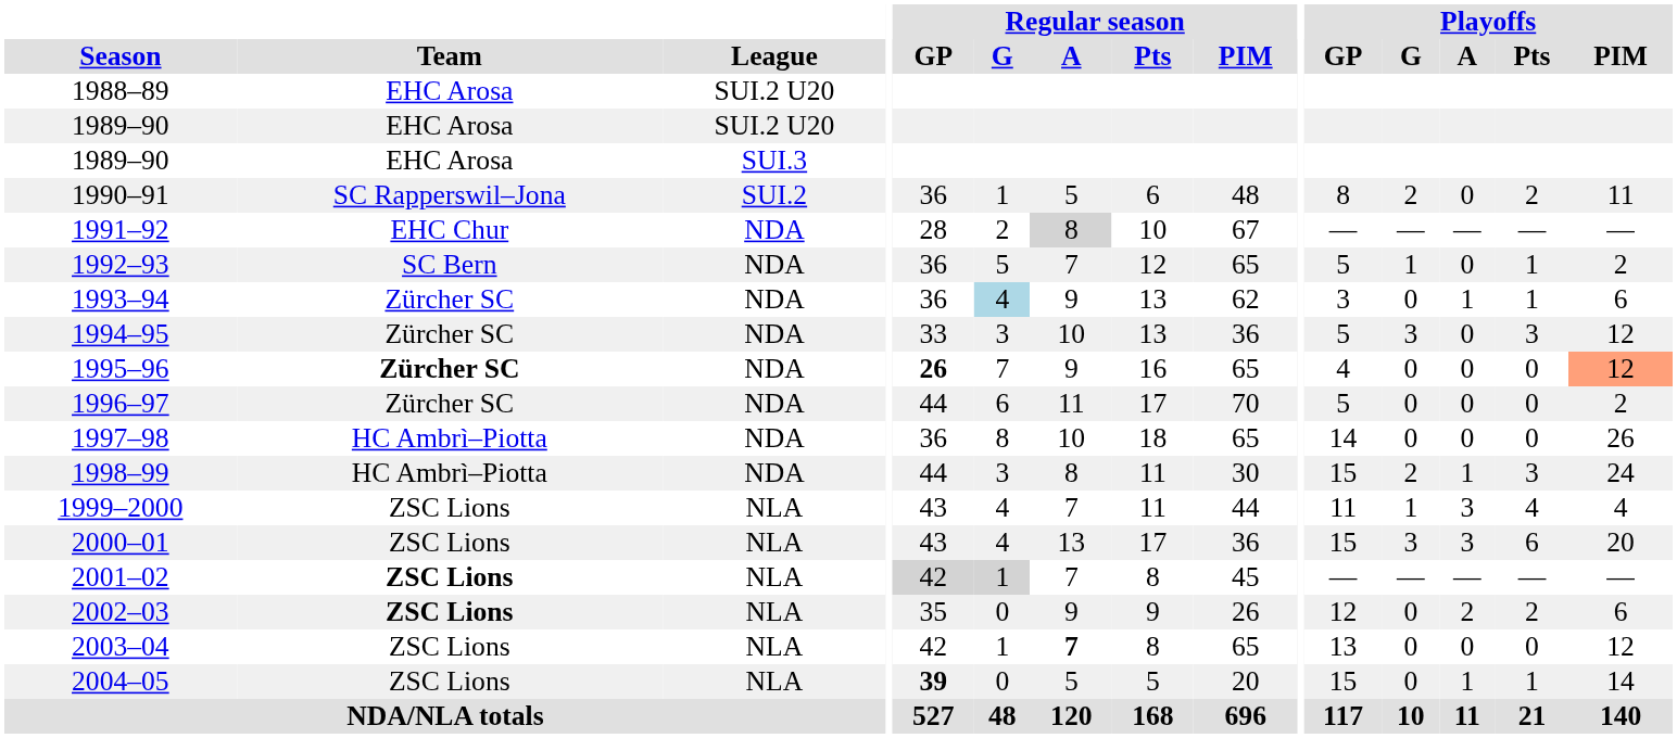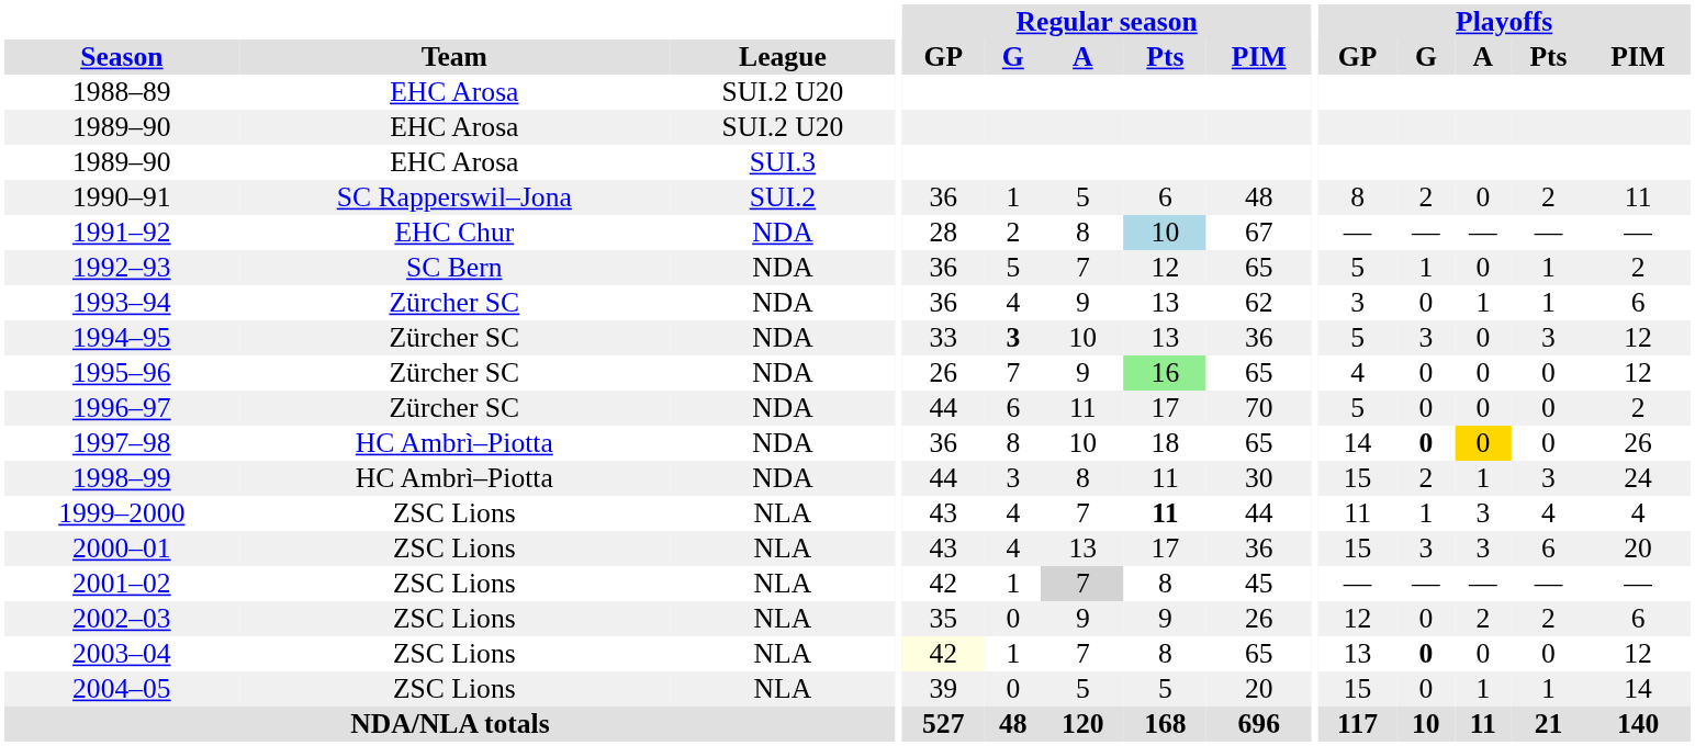 <table border="0" cellpadding="1" cellspacing="0" style="text-align:center; width:60em">
 <tr bgcolor="#e0e0e0">
 <th colspan="3" bgcolor="#ffffff"></th>
 <th rowspan="99" bgcolor="#ffffff"></th>
 <th colspan="5"><a href='#'>Regular season</a></th>
 <th rowspan="99" bgcolor="#ffffff"></th>
 <th colspan="5"><a href='#'>Playoffs</a></th>
 </tr>
 <tr bgcolor="#e0e0e0">
 <th><a href='#'>Season</a></th>
 <th>Team</th>
 <th>League</th>
 <th>GP</th>
 <th><a href='#'>G</a></th>
 <th><a href='#'>A</a></th>
 <th><a href='#'>Pts</a></th>
 <th><a href='#'>PIM</a></th>
 <th>GP</th>
 <th>G</th>
 <th>A</th>
 <th>Pts</th>
 <th>PIM</th>
 </tr>
 <tr>
 <td>1988–89</td>
 <td><a href='#'>EHC Arosa</a></td>
 <td>SUI.2 U20</td>
 <td></td>
 <td></td>
 <td></td>
 <td></td>
 <td></td>
 <td></td>
 <td></td>
 <td></td>
 <td></td>
 <td></td>
 </tr>
 <tr bgcolor="#f0f0f0">
 <td>1989–90</td>
 <td>EHC Arosa</td>
 <td>SUI.2 U20</td>
 <td></td>
 <td></td>
 <td></td>
 <td></td>
 <td></td>
 <td></td>
 <td></td>
 <td></td>
 <td></td>
 <td></td>
 </tr>
 <tr>
 <td>1989–90</td>
 <td>EHC Arosa</td>
 <td><a href='#'>SUI.3</a></td>
 <td></td>
 <td></td>
 <td></td>
 <td></td>
 <td></td>
 <td></td>
 <td></td>
 <td></td>
 <td></td>
 <td></td>
 </tr>
 <tr bgcolor="#f0f0f0">
 <td>1990–91</td>
 <td><a href='#'>SC Rapperswil–Jona</a></td>
 <td><a href='#'>SUI.2</a></td>
 <td>36</td>
 <td>1</td>
 <td>5</td>
 <td>6</td>
 <td>48</td>
 <td>8</td>
 <td>2</td>
 <td>0</td>
 <td>2</td>
 <td>11</td>
 </tr>
 <tr>
 <td><a href='#'>1991–92</a></td>
 <td><a href='#'>EHC Chur</a></td>
 <td><a href='#'>NDA</a></td>
 <td>28</td>
 <td>2</td>
-<td style="background: lightgrey;">8</td>
-<td>10</td>
+<td>8</td>
+<td style="background: lightblue;">10</td>
 <td>67</td>
 <td>—</td>
 <td>—</td>
 <td>—</td>
 <td>—</td>
 <td>—</td>
 </tr>
 <tr bgcolor="#f0f0f0">
 <td><a href='#'>1992–93</a></td>
 <td><a href='#'>SC Bern</a></td>
 <td>NDA</td>
 <td>36</td>
 <td>5</td>
 <td>7</td>
 <td>12</td>
 <td>65</td>
 <td>5</td>
 <td>1</td>
 <td>0</td>
 <td>1</td>
 <td>2</td>
 </tr>
 <tr>
 <td><a href='#'>1993–94</a></td>
 <td><a href='#'>Zürcher SC</a></td>
 <td>NDA</td>
 <td>36</td>
-<td style="background: lightblue;">4</td>
+<td>4</td>
 <td>9</td>
 <td>13</td>
 <td>62</td>
 <td>3</td>
 <td>0</td>
 <td>1</td>
 <td>1</td>
 <td>6</td>
 </tr>
 <tr bgcolor="#f0f0f0">
 <td><a href='#'>1994–95</a></td>
 <td>Zürcher SC</td>
 <td>NDA</td>
 <td>33</td>
-<td>3</td>
+<td><strong>3</strong></td>
 <td>10</td>
 <td>13</td>
 <td>36</td>
 <td>5</td>
 <td>3</td>
 <td>0</td>
 <td>3</td>
 <td>12</td>
 </tr>
 <tr>
 <td><a href='#'>1995–96</a></td>
-<td><strong>Zürcher SC</strong></td>
+<td>Zürcher SC</td>
 <td>NDA</td>
-<td><strong>26</strong></td>
+<td>26</td>
 <td>7</td>
 <td>9</td>
-<td>16</td>
+<td style="background: lightgreen;">16</td>
 <td>65</td>
 <td>4</td>
 <td>0</td>
 <td>0</td>
 <td>0</td>
-<td style="background: lightsalmon;">12</td>
+<td>12</td>
 </tr>
 <tr bgcolor="#f0f0f0">
 <td><a href='#'>1996–97</a></td>
 <td>Zürcher SC</td>
 <td>NDA</td>
 <td>44</td>
 <td>6</td>
 <td>11</td>
 <td>17</td>
 <td>70</td>
 <td>5</td>
 <td>0</td>
 <td>0</td>
 <td>0</td>
 <td>2</td>
 </tr>
 <tr>
 <td><a href='#'>1997–98</a></td>
 <td><a href='#'>HC Ambrì–Piotta</a></td>
 <td>NDA</td>
 <td>36</td>
 <td>8</td>
 <td>10</td>
 <td>18</td>
 <td>65</td>
 <td>14</td>
-<td>0</td>
-<td>0</td>
+<td><strong>0</strong></td>
+<td style="background: gold;">0</td>
 <td>0</td>
 <td>26</td>
 </tr>
 <tr bgcolor="#f0f0f0">
 <td><a href='#'>1998–99</a></td>
 <td>HC Ambrì–Piotta</td>
 <td>NDA</td>
 <td>44</td>
 <td>3</td>
 <td>8</td>
 <td>11</td>
 <td>30</td>
 <td>15</td>
 <td>2</td>
 <td>1</td>
 <td>3</td>
 <td>24</td>
 </tr>
 <tr>
 <td><a href='#'>1999–2000</a></td>
 <td>ZSC Lions</td>
 <td>NLA</td>
 <td>43</td>
 <td>4</td>
 <td>7</td>
-<td>11</td>
+<td><strong>11</strong></td>
 <td>44</td>
 <td>11</td>
 <td>1</td>
 <td>3</td>
 <td>4</td>
 <td>4</td>
 </tr>
 <tr bgcolor="#f0f0f0">
 <td><a href='#'>2000–01</a></td>
 <td>ZSC Lions</td>
 <td>NLA</td>
 <td>43</td>
 <td>4</td>
 <td>13</td>
 <td>17</td>
 <td>36</td>
 <td>15</td>
 <td>3</td>
 <td>3</td>
 <td>6</td>
 <td>20</td>
 </tr>
 <tr>
 <td><a href='#'>2001–02</a></td>
-<td><strong>ZSC Lions</strong></td>
+<td>ZSC Lions</td>
 <td>NLA</td>
-<td style="background: lightgrey;">42</td>
-<td style="background: lightgrey;">1</td>
-<td>7</td>
+<td>42</td>
+<td>1</td>
+<td style="background: lightgrey;">7</td>
 <td>8</td>
 <td>45</td>
 <td>—</td>
 <td>—</td>
 <td>—</td>
 <td>—</td>
 <td>—</td>
 </tr>
 <tr bgcolor="#f0f0f0">
 <td><a href='#'>2002–03</a></td>
-<td><strong>ZSC Lions</strong></td>
+<td>ZSC Lions</td>
 <td>NLA</td>
 <td>35</td>
 <td>0</td>
 <td>9</td>
 <td>9</td>
 <td>26</td>
 <td>12</td>
 <td>0</td>
 <td>2</td>
 <td>2</td>
 <td>6</td>
 </tr>
 <tr>
 <td><a href='#'>2003–04</a></td>
 <td>ZSC Lions</td>
 <td>NLA</td>
-<td>42</td>
+<td style="background: lightyellow;">42</td>
 <td>1</td>
-<td><strong>7</strong></td>
+<td>7</td>
 <td>8</td>
 <td>65</td>
 <td>13</td>
-<td>0</td>
+<td><strong>0</strong></td>
 <td>0</td>
 <td>0</td>
 <td>12</td>
 </tr>
 <tr bgcolor="#f0f0f0">
 <td><a href='#'>2004–05</a></td>
 <td>ZSC Lions</td>
 <td>NLA</td>
-<td><strong>39</strong></td>
+<td>39</td>
 <td>0</td>
 <td>5</td>
 <td>5</td>
 <td>20</td>
 <td>15</td>
 <td>0</td>
 <td>1</td>
 <td>1</td>
 <td>14</td>
 </tr>
 <tr bgcolor="#e0e0e0">
 <th colspan="3">NDA/NLA totals</th>
 <th>527</th>
 <th>48</th>
 <th>120</th>
 <th>168</th>
 <th>696</th>
 <th>117</th>
 <th>10</th>
 <th>11</th>
 <th>21</th>
 <th>140</th>
 </tr>
 </table>
